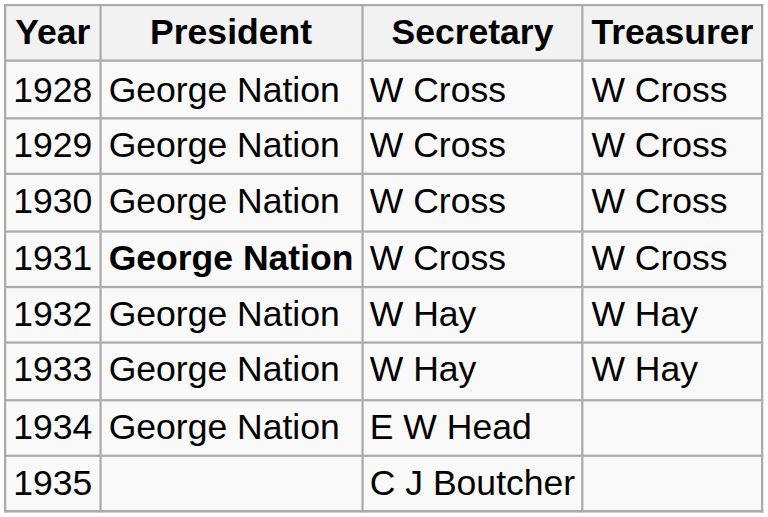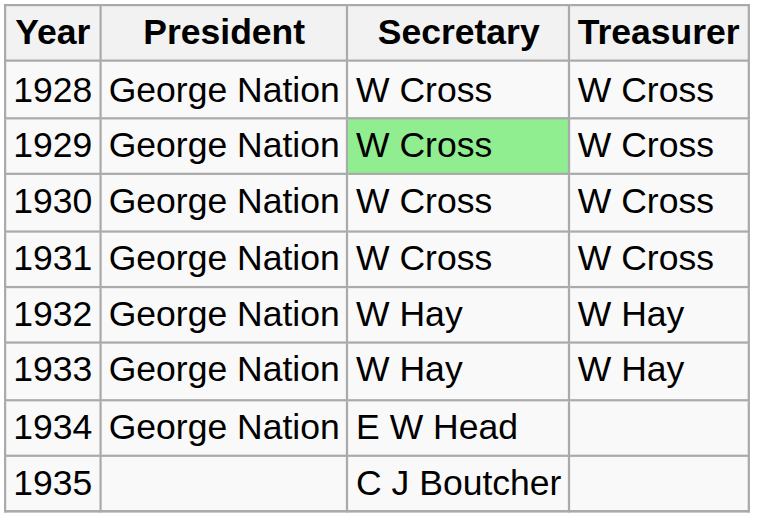 <table class="wikitable sortable">
 <tr>
 <th>Year</th>
 <th>President</th>
 <th>Secretary</th>
 <th>Treasurer</th>
 </tr>
 <tr>
 <td>1928</td>
 <td>George Nation</td>
 <td>W Cross</td>
 <td>W Cross</td>
 </tr>
 <tr>
 <td>1929</td>
 <td>George Nation</td>
-<td>W Cross</td>
+<td style="background: lightgreen;">W Cross</td>
 <td>W Cross</td>
 </tr>
 <tr>
 <td>1930</td>
 <td>George Nation</td>
 <td>W Cross</td>
 <td>W Cross</td>
 </tr>
 <tr>
 <td>1931</td>
-<td><strong>George Nation</strong></td>
+<td>George Nation</td>
 <td>W Cross</td>
 <td>W Cross</td>
 </tr>
 <tr>
 <td>1932</td>
 <td>George Nation</td>
 <td>W Hay</td>
 <td>W Hay</td>
 </tr>
 <tr>
 <td>1933</td>
 <td>George Nation</td>
 <td>W Hay</td>
 <td>W Hay</td>
 </tr>
 <tr>
 <td>1934</td>
 <td>George Nation</td>
 <td>E W Head</td>
 <td></td>
 </tr>
 <tr>
 <td>1935</td>
 <td></td>
 <td>C J Boutcher</td>
 <td></td>
 </tr>
 <tr>
 </tr>
 </table>
